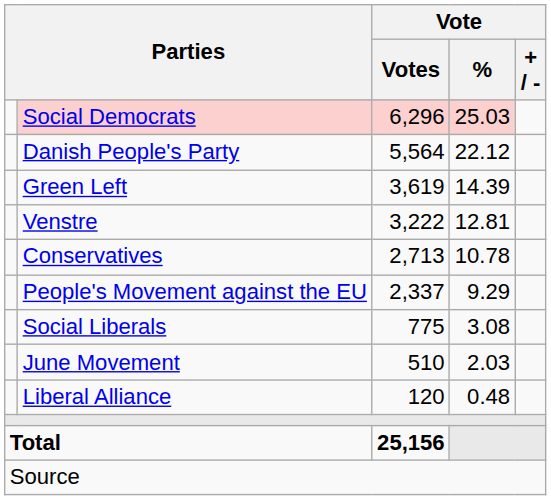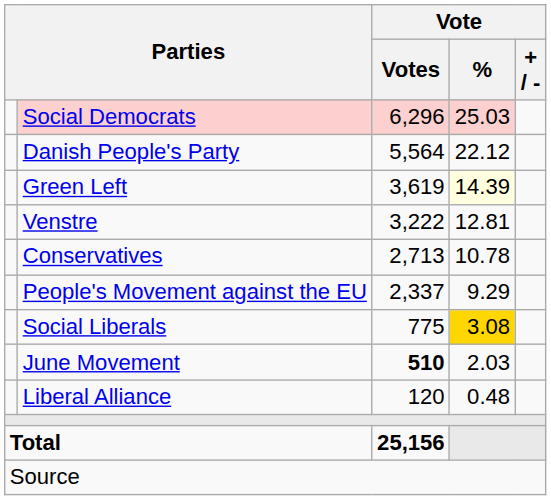 <table class="wikitable" style="text-align:right;">
 <tr>
 <th style="text-align:centre;" rowspan="2" colspan="2" width="225">Parties</th>
 <th colspan="3">Vote</th>
 </tr>
 <tr>
 <th width="15">Votes</th>
 <th width="15">%</th>
 <th width="15">+ / -</th>
 </tr>
 <tr>
 <td width="2" style="color:inherit;background:"></td>
 <td bgcolor=#fbd0ce   align="left"><a href='#'>Social Democrats</a></td>
 <td bgcolor=#fbd0ce>6,296</td>
 <td bgcolor=#fbd0ce>25.03</td>
 <td></td>
 </tr>
 <tr>
 <td width="2" style="color:inherit;background:"></td>
 <td align="left"><a href='#'>Danish People's Party</a></td>
 <td>5,564</td>
 <td>22.12</td>
 <td></td>
 </tr>
 <tr>
 <td width="2" style="color:inherit;background:"></td>
 <td align="left"><a href='#'>Green Left</a></td>
 <td>3,619</td>
-<td>14.39</td>
+<td style="background: lightyellow;">14.39</td>
 <td></td>
 </tr>
 <tr>
 <td width="2" style="color:inherit;background:"></td>
 <td align="left"><a href='#'>Venstre</a></td>
 <td>3,222</td>
 <td>12.81</td>
 <td></td>
 </tr>
 <tr>
 <td width="2" style="color:inherit;background:"></td>
 <td align="left"><a href='#'>Conservatives</a></td>
 <td>2,713</td>
 <td>10.78</td>
 <td></td>
 </tr>
 <tr>
 <td width="2" style="color:inherit;background:"></td>
 <td align="left"><a href='#'>People's Movement against the EU</a></td>
 <td>2,337</td>
 <td>9.29</td>
 <td></td>
 </tr>
 <tr>
 <td width="2" style="color:inherit;background:"></td>
 <td align="left"><a href='#'>Social Liberals</a></td>
 <td>775</td>
-<td>3.08</td>
+<td style="background: gold;">3.08</td>
 <td></td>
 </tr>
 <tr>
 <td width="2" style="color:inherit;background:"></td>
 <td align="left"><a href='#'>June Movement</a></td>
-<td>510</td>
+<td><strong>510</strong></td>
 <td>2.03</td>
 <td></td>
 </tr>
 <tr>
 <td width="2" style="color:inherit;background:"></td>
 <td align="left"><a href='#'>Liberal Alliance</a></td>
 <td>120</td>
 <td>0.48</td>
 <td></td>
 </tr>
 <tr>
 <td colspan="7" bgcolor="#E9E9E9"></td>
 </tr>
 <tr>
 <td align="left" colspan="2"><strong>Total</strong></td>
 <td><strong>25,156</strong></td>
 <td bgcolor="#E9E9E9" colspan="2"></td>
 </tr>
 <tr>
 <td align="left" colspan="6">Source</td>
 </tr>
 </table>
